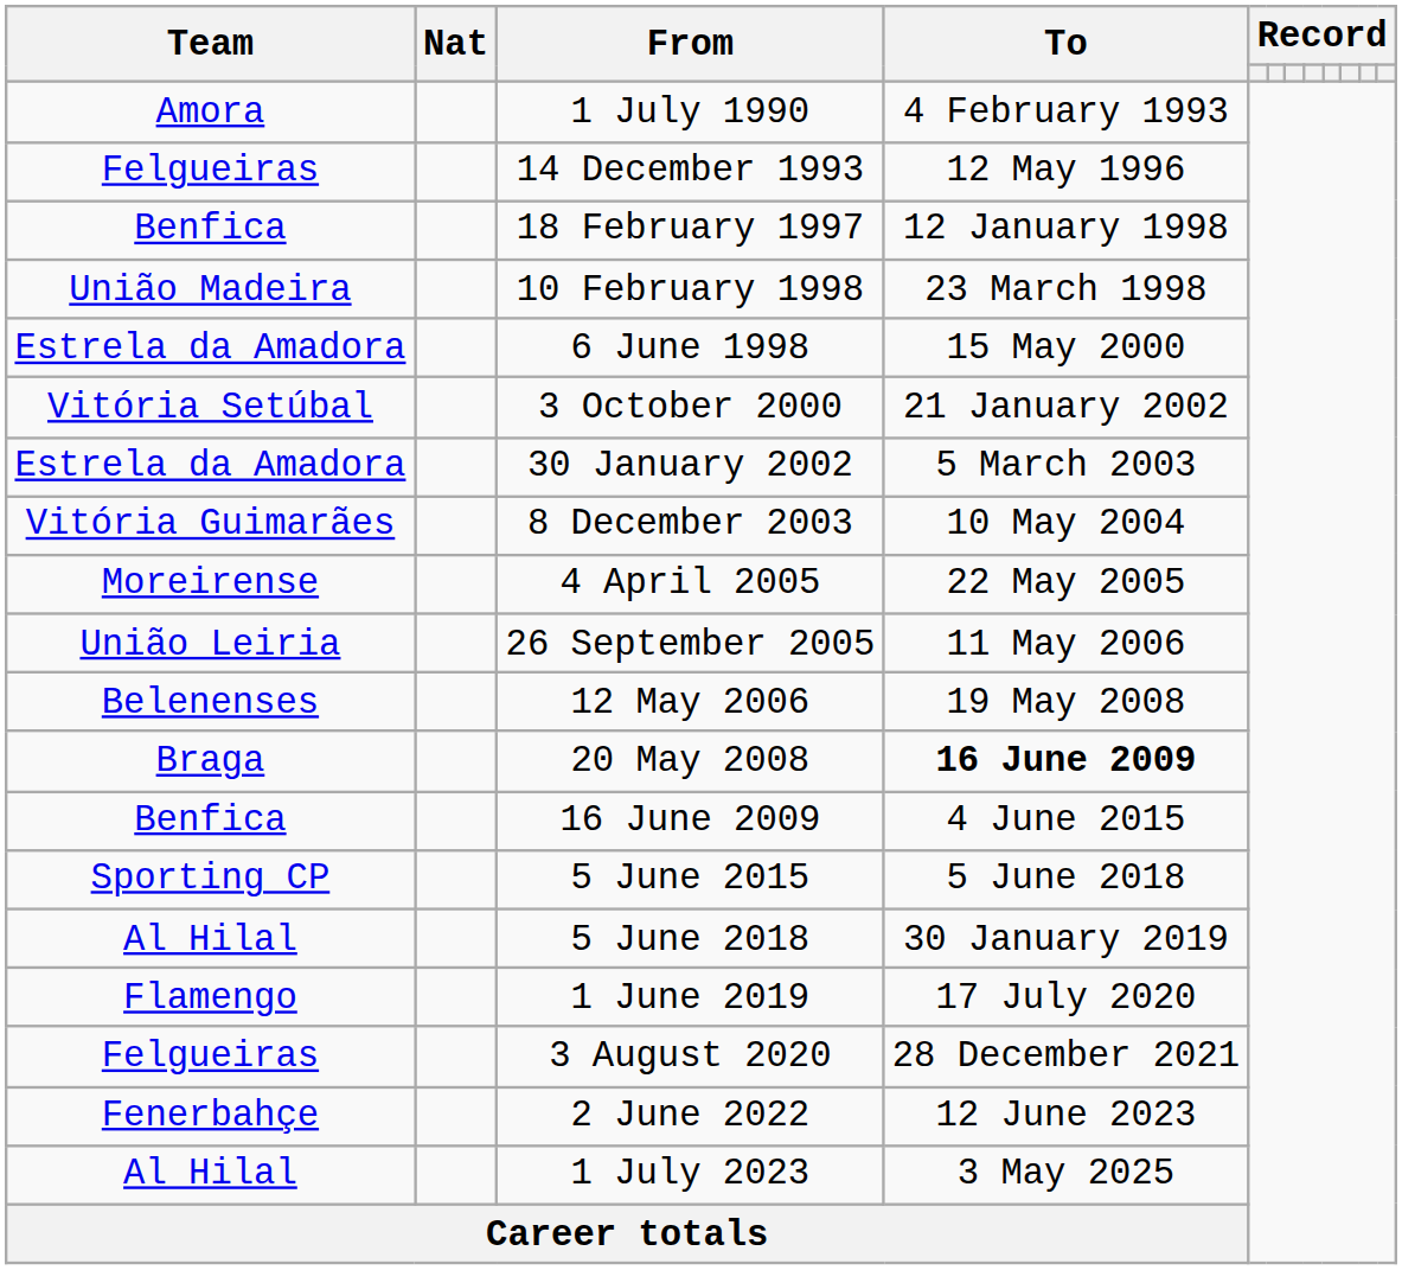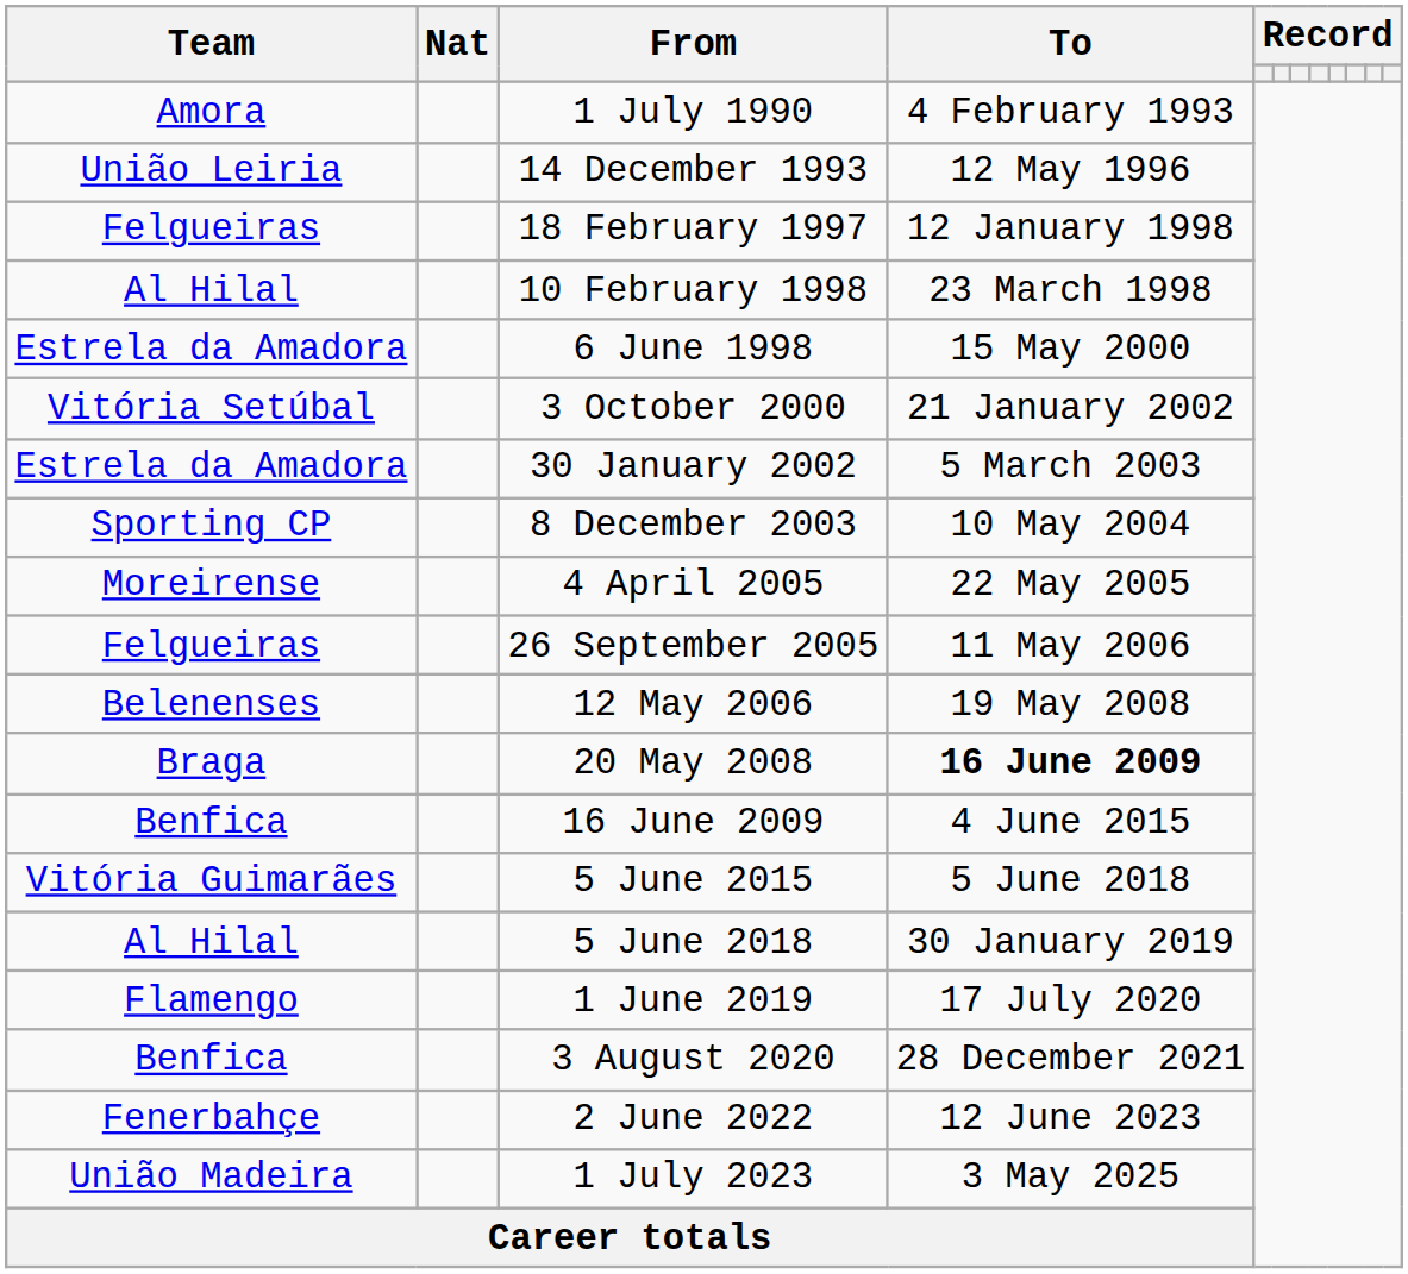 <table class="wikitable" style="text-align: center">
 <tr>
 <th rowspan="2">Team</th>
 <th rowspan="2">Nat</th>
 <th rowspan="2">From</th>
 <th rowspan="2">To</th>
 <th colspan="8">Record</th>
 </tr>
 <tr>
 <th></th>
 <th></th>
 <th></th>
 <th></th>
 <th></th>
 <th></th>
 <th></th>
 <th></th>
 </tr>
 <tr>
 <td><a href='#'>Amora</a></td>
 <td></td>
 <td>1 July 1990</td>
 <td>4 February 1993<br></td>
 </tr>
 <tr>
-<td><a href='#'>Felgueiras</a></td>
+<td><a href='#'>União Leiria</a></td>
 <td></td>
 <td>14 December 1993</td>
 <td>12 May 1996<br></td>
 </tr>
 <tr>
-<td><a href='#'>Benfica</a></td>
+<td><a href='#'>Felgueiras</a></td>
 <td></td>
 <td>18 February 1997</td>
 <td>12 January 1998<br></td>
 </tr>
 <tr>
-<td><a href='#'>União Madeira</a></td>
+<td><a href='#'>Al Hilal</a></td>
 <td></td>
 <td>10 February 1998</td>
 <td>23 March 1998<br></td>
 </tr>
 <tr>
 <td><a href='#'>Estrela da Amadora</a></td>
 <td></td>
 <td>6 June 1998</td>
 <td>15 May 2000<br></td>
 </tr>
 <tr>
 <td><a href='#'>Vitória Setúbal</a></td>
 <td></td>
 <td>3 October 2000</td>
 <td>21 January 2002<br></td>
 </tr>
 <tr>
 <td><a href='#'>Estrela da Amadora</a></td>
 <td></td>
 <td>30 January 2002</td>
 <td>5 March 2003<br></td>
 </tr>
 <tr>
-<td><a href='#'>Vitória Guimarães</a></td>
+<td><a href='#'>Sporting CP</a></td>
 <td></td>
 <td>8 December 2003</td>
 <td>10 May 2004<br></td>
 </tr>
 <tr>
 <td><a href='#'>Moreirense</a></td>
 <td></td>
 <td>4 April 2005</td>
 <td>22 May 2005<br></td>
 </tr>
 <tr>
-<td><a href='#'>União Leiria</a></td>
+<td><a href='#'>Felgueiras</a></td>
 <td></td>
 <td>26 September 2005</td>
 <td>11 May 2006<br></td>
 </tr>
 <tr>
 <td><a href='#'>Belenenses</a></td>
 <td></td>
 <td>12 May 2006</td>
 <td>19 May 2008<br></td>
 </tr>
 <tr>
 <td><a href='#'>Braga</a></td>
 <td></td>
 <td>20 May 2008</td>
 <td><strong>16 June 2009<br></strong></td>
 </tr>
 <tr>
 <td><a href='#'>Benfica</a></td>
 <td></td>
 <td>16 June 2009</td>
 <td>4 June 2015<br></td>
 </tr>
 <tr>
-<td><a href='#'>Sporting CP</a></td>
+<td><a href='#'>Vitória Guimarães</a></td>
 <td></td>
 <td>5 June 2015</td>
 <td>5 June 2018<br></td>
 </tr>
 <tr>
 <td><a href='#'>Al Hilal</a></td>
 <td></td>
 <td>5 June 2018</td>
 <td>30 January 2019<br></td>
 </tr>
 <tr>
 <td><a href='#'>Flamengo</a></td>
 <td></td>
 <td>1 June 2019</td>
 <td>17 July 2020<br></td>
 </tr>
 <tr>
-<td><a href='#'>Felgueiras</a></td>
+<td><a href='#'>Benfica</a></td>
 <td></td>
 <td>3 August 2020</td>
 <td>28 December 2021<br></td>
 </tr>
 <tr>
 <td><a href='#'>Fenerbahçe</a></td>
 <td></td>
 <td>2 June 2022</td>
 <td>12 June 2023<br></td>
 </tr>
 <tr>
-<td><a href='#'>Al Hilal</a></td>
+<td><a href='#'>União Madeira</a></td>
 <td></td>
 <td>1 July 2023</td>
 <td>3 May 2025<br></td>
 </tr>
 <tr>
 <th colspan=4>Career totals<br></th>
 </tr>
 </table>
